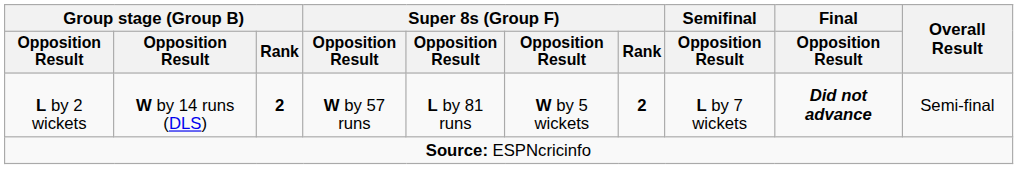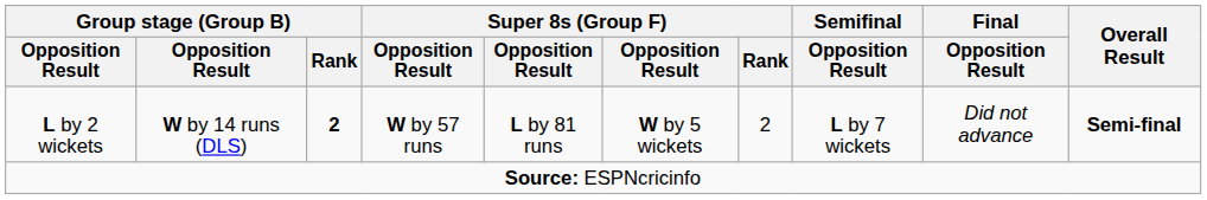 <table class=wikitable style=font-size:90%;text-align:center>
 <tr>
 <th colspan=3>Group stage (Group B)</th>
 <th colspan=4>Super 8s (Group F)</th>
 <th>Semifinal</th>
 <th>Final</th>
 <th rowspan=2>Overall Result</th>
 </tr>
 <tr style=font-size:95%>
 <th>Opposition<br>Result</th>
 <th>Opposition<br>Result</th>
 <th>Rank</th>
 <th>Opposition<br>Result</th>
 <th>Opposition<br>Result</th>
 <th>Opposition<br>Result</th>
 <th>Rank</th>
 <th>Opposition<br>Result</th>
 <th>Opposition<br>Result</th>
 </tr>
 <tr>
 <td><br><strong>L</strong> by 2 wickets</td>
 <td><br><strong>W</strong> by 14 runs (<a href='#'>DLS</a>)</td>
 <td><strong>2</strong></td>
 <td><br><strong>W</strong> by 57 runs</td>
 <td><br><strong>L</strong> by 81 runs</td>
 <td><br><strong>W</strong> by 5 wickets</td>
-<td><strong>2</strong></td>
+<td>2</td>
 <td><br><strong>L</strong> by 7 wickets</td>
-<td><strong><em>Did not advance</em></strong></td>
-<td>Semi-final</td>
+<td><em>Did not advance</em></td>
+<td><strong>Semi-final</strong></td>
 </tr>
 <tr>
 <td colspan="11"><strong>Source:</strong> ESPNcricinfo</td>
 </tr>
 </table>
